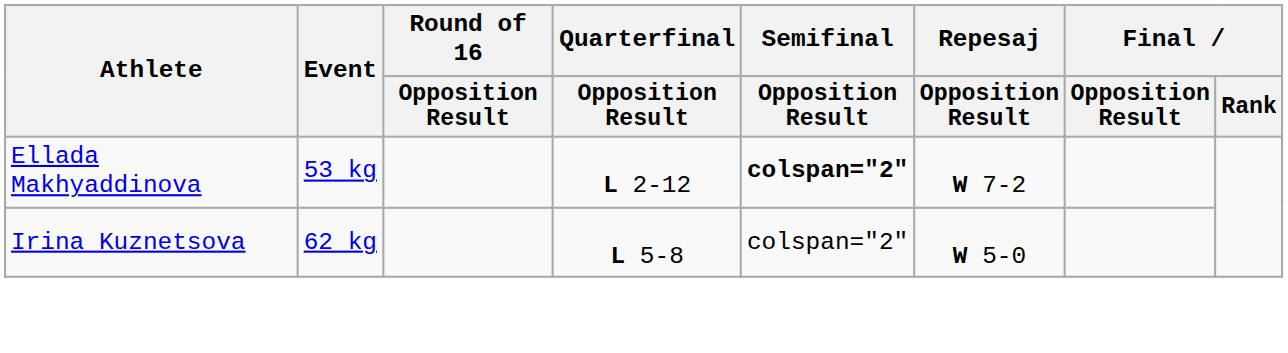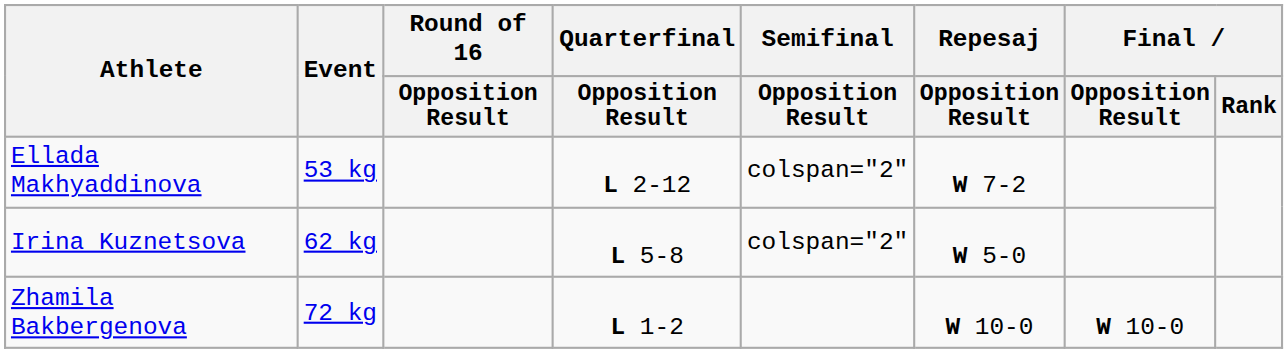 <table class=wikitable style=font-size:90%;text-align:center>
 <tr>
 <th rowspan=2>Athlete</th>
 <th rowspan=2>Event</th>
 <th>Round of 16</th>
 <th>Quarterfinal</th>
 <th>Semifinal</th>
 <th>Repesaj</th>
 <th colspan=2>Final / </th>
 </tr>
 <tr style=font-size:95%>
 <th>Opposition<br>Result</th>
 <th>Opposition<br>Result</th>
 <th>Opposition<br>Result</th>
 <th>Opposition<br>Result</th>
 <th>Opposition<br>Result</th>
 <th>Rank</th>
 </tr>
 <tr>
 <td align=left><a href='#'>Ellada Makhyaddinova</a></td>
 <td align=left><a href='#'>53 kg</a></td>
 <td></td>
 <td><br><strong>L</strong> 2-12</td>
-<td><strong>colspan="2" </strong></td>
+<td>colspan="2" </td>
 <td><br><strong>W</strong> 7-2</td>
 <td></td>
 </tr>
 <tr>
 <td align=left><a href='#'>Irina Kuznetsova</a></td>
 <td align=left><a href='#'>62 kg</a></td>
 <td></td>
 <td><br><strong>L</strong> 5-8</td>
 <td>colspan="2" </td>
 <td><br><strong>W</strong> 5-0</td>
 <td></td>
 </tr>
+<tr>
+<td align=left><a href='#'>Zhamila Bakbergenova</a></td>
+<td align=left><a href='#'>72 kg</a></td>
+<td></td>
+<td><br><strong>L</strong> 1-2</td>
+<td></td>
+<td><br><strong>W</strong> 10-0</td>
+<td><br><strong>W</strong> 10-0</td>
+<td></td>
+</tr>
 </table>
